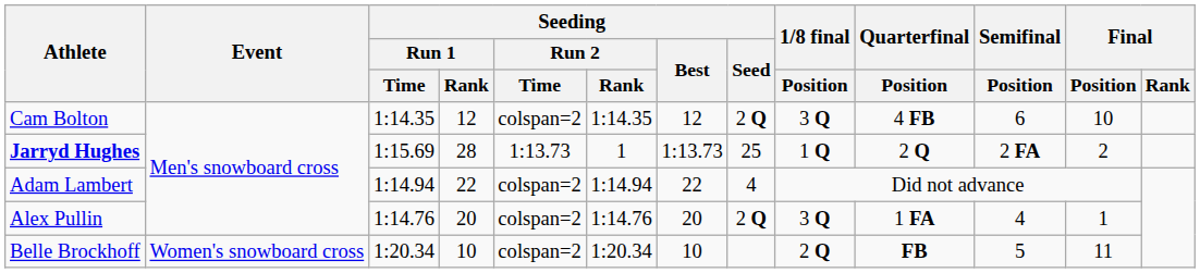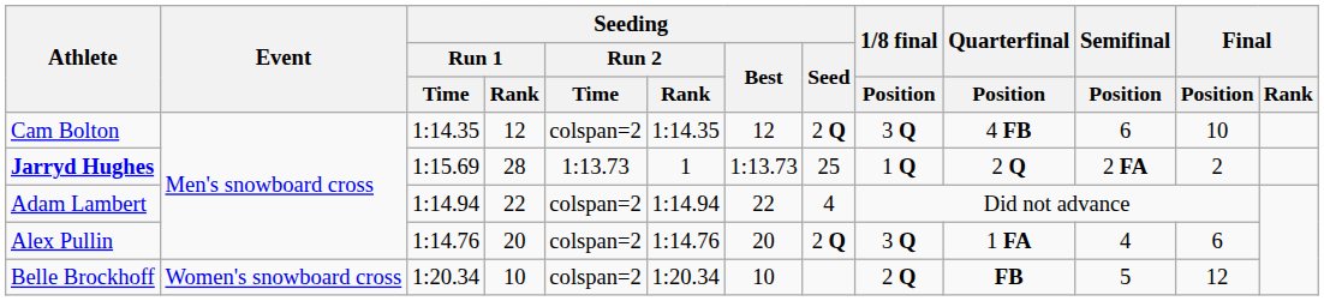 <table class=wikitable style=font-size:90%>
 <tr>
 <th rowspan=3>Athlete</th>
 <th rowspan=3>Event</th>
 <th colspan=6>Seeding</th>
 <th rowspan=2>1/8 final</th>
 <th rowspan=2>Quarterfinal</th>
 <th rowspan=2>Semifinal</th>
 <th rowspan=2 colspan=2>Final</th>
 </tr>
 <tr style=font-size:95%>
 <th colspan=2>Run 1</th>
 <th colspan=2>Run 2</th>
 <th rowspan=2>Best</th>
 <th rowspan=2>Seed</th>
 </tr>
 <tr style=font-size:95%>
 <th>Time</th>
 <th>Rank</th>
 <th>Time</th>
 <th>Rank</th>
 <th>Position</th>
 <th>Position</th>
 <th>Position</th>
 <th>Position</th>
 <th>Rank</th>
 </tr>
 <tr align=center>
 <td align=left><a href='#'>Cam Bolton</a></td>
 <td align=left rowspan=4><a href='#'>Men's snowboard cross</a></td>
 <td>1:14.35</td>
 <td>12</td>
 <td>colspan=2 </td>
 <td>1:14.35</td>
 <td>12</td>
 <td>2 <strong>Q</strong></td>
 <td>3 <strong>Q</strong></td>
 <td>4 <strong>FB</strong></td>
 <td>6</td>
 <td>10</td>
 </tr>
 <tr align=center>
 <td align=left><strong><a href='#'>Jarryd Hughes</a></strong></td>
 <td>1:15.69</td>
 <td>28</td>
 <td>1:13.73</td>
 <td>1</td>
 <td>1:13.73</td>
 <td>25</td>
 <td>1 <strong>Q</strong></td>
 <td>2 <strong>Q</strong></td>
 <td>2 <strong>FA</strong></td>
 <td>2</td>
 <td></td>
 </tr>
 <tr align=center>
 <td align=left><a href='#'>Adam Lambert</a></td>
 <td>1:14.94</td>
 <td>22</td>
 <td>colspan=2 </td>
 <td>1:14.94</td>
 <td>22</td>
 <td>4</td>
 <td colspan=4>Did not advance</td>
 </tr>
 <tr align=center>
 <td align=left><a href='#'>Alex Pullin</a></td>
 <td>1:14.76</td>
 <td>20</td>
 <td>colspan=2 </td>
 <td>1:14.76</td>
 <td>20</td>
 <td>2 <strong>Q</strong></td>
 <td>3 <strong>Q</strong></td>
 <td>1 <strong>FA</strong></td>
 <td>4</td>
-<td>1</td>
+<td>6</td>
 </tr>
 <tr align=center>
 <td align=left><a href='#'>Belle Brockhoff</a></td>
 <td align=left><a href='#'>Women's snowboard cross</a></td>
 <td>1:20.34</td>
 <td>10</td>
 <td>colspan=2 </td>
 <td>1:20.34</td>
 <td>10</td>
 <td></td>
 <td>2 <strong>Q</strong></td>
 <td> <strong>FB</strong></td>
 <td>5</td>
-<td>11</td>
+<td>12</td>
 </tr>
 </table>
